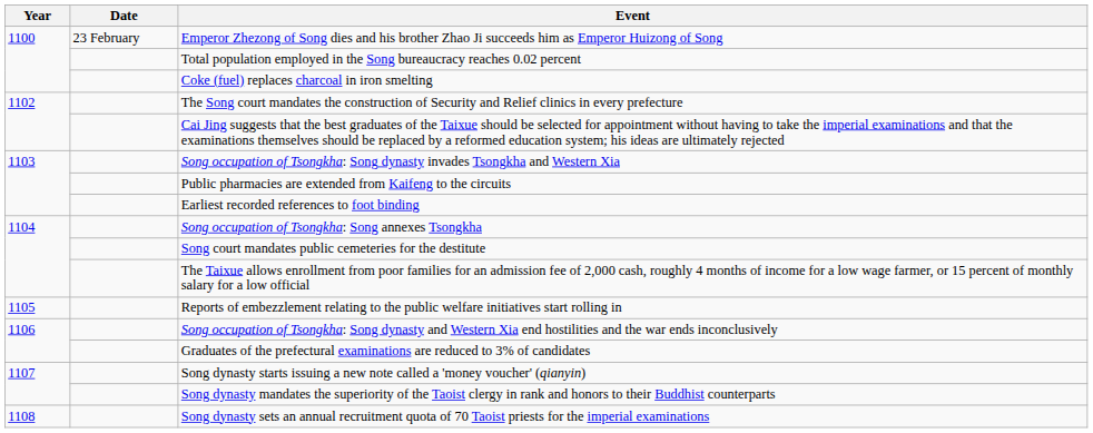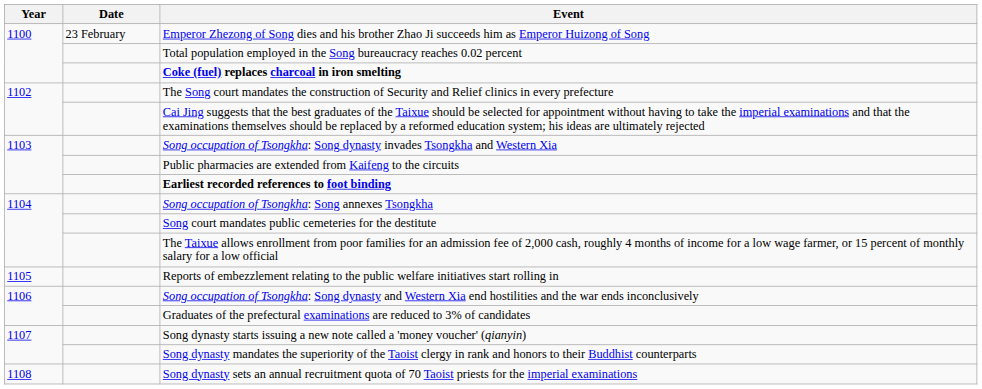 <table class="wikitable" width="100%">
 <tr>
 <th style="width:6%">Year</th>
 <th style="width:10%">Date</th>
 <th>Event</th>
 </tr>
 <tr>
 <td rowspan="3" valign="top"><a href='#'>1100</a></td>
 <td>23 February</td>
 <td><a href='#'>Emperor Zhezong of Song</a> dies and his brother Zhao Ji succeeds him as <a href='#'>Emperor Huizong of Song</a></td>
 </tr>
 <tr>
 <td></td>
 <td>Total population employed in the <a href='#'>Song</a> bureaucracy reaches 0.02 percent</td>
 </tr>
 <tr>
 <td></td>
-<td><a href='#'>Coke (fuel)</a> replaces <a href='#'>charcoal</a> in iron smelting</td>
+<td><strong><a href='#'>Coke (fuel)</a> replaces <a href='#'>charcoal</a> in iron smelting</strong></td>
 </tr>
 <tr>
 <td rowspan="2" valign="top"><a href='#'>1102</a></td>
 <td></td>
 <td>The <a href='#'>Song</a> court mandates the construction of Security and Relief clinics in every prefecture</td>
 </tr>
 <tr>
 <td></td>
 <td><a href='#'>Cai Jing</a> suggests that the best graduates of the <a href='#'>Taixue</a> should be selected for appointment without having to take the <a href='#'>imperial examinations</a> and that the examinations themselves should be replaced by a reformed education system; his ideas are ultimately rejected</td>
 </tr>
 <tr>
 <td rowspan="3" valign="top"><a href='#'>1103</a></td>
 <td></td>
 <td><em><a href='#'>Song occupation of Tsongkha</a></em>: <a href='#'>Song dynasty</a> invades <a href='#'>Tsongkha</a> and <a href='#'>Western Xia</a></td>
 </tr>
 <tr>
 <td></td>
 <td>Public pharmacies are extended from <a href='#'>Kaifeng</a> to the circuits</td>
 </tr>
 <tr>
 <td></td>
-<td>Earliest recorded references to <a href='#'>foot binding</a></td>
+<td><strong>Earliest recorded references to <a href='#'>foot binding</a></strong></td>
 </tr>
 <tr>
 <td rowspan="3" valign="top"><a href='#'>1104</a></td>
 <td></td>
 <td><em><a href='#'>Song occupation of Tsongkha</a></em>: <a href='#'>Song</a> annexes <a href='#'>Tsongkha</a></td>
 </tr>
 <tr>
 <td></td>
 <td><a href='#'>Song</a> court mandates public cemeteries for the destitute</td>
 </tr>
 <tr>
 <td></td>
 <td>The <a href='#'>Taixue</a> allows enrollment from poor families for an admission fee of 2,000 cash, roughly 4 months of income for a low wage farmer, or 15 percent of monthly salary for a low official</td>
 </tr>
 <tr>
 <td><a href='#'>1105</a></td>
 <td></td>
 <td>Reports of embezzlement relating to the public welfare initiatives start rolling in</td>
 </tr>
 <tr>
 <td rowspan="2" valign="top"><a href='#'>1106</a></td>
 <td></td>
 <td><em><a href='#'>Song occupation of Tsongkha</a></em>: <a href='#'>Song dynasty</a> and <a href='#'>Western Xia</a> end hostilities and the war ends inconclusively</td>
 </tr>
 <tr>
 <td></td>
 <td>Graduates of the prefectural <a href='#'>examinations</a> are reduced to 3% of candidates</td>
 </tr>
 <tr>
 <td rowspan="2" valign="top"><a href='#'>1107</a></td>
 <td></td>
 <td>Song dynasty starts issuing a new note called a 'money voucher' (<em>qianyin</em>)</td>
 </tr>
 <tr>
 <td></td>
 <td><a href='#'>Song dynasty</a> mandates the superiority of the <a href='#'>Taoist</a> clergy in rank and honors to their <a href='#'>Buddhist</a> counterparts</td>
 </tr>
 <tr>
 <td><a href='#'>1108</a></td>
 <td></td>
 <td><a href='#'>Song dynasty</a> sets an annual recruitment quota of 70 <a href='#'>Taoist</a> priests for the <a href='#'>imperial examinations</a></td>
 </tr>
 </table>
